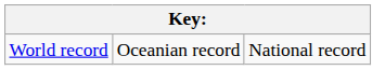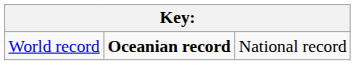 <table class="wikitable">
 <tr>
 <th colspan=4>Key:</th>
 </tr>
 <tr>
 <td><a href='#'>World record</a></td>
-<td>Oceanian record</td>
+<td><strong>Oceanian record</strong></td>
 <td>National record</td>
 </tr>
 </table>
